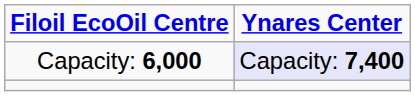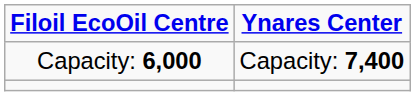 <table class="wikitable" style="text-align:center">
 <tr>
 <td><strong><a href='#'>Filoil EcoOil Centre</a></strong></td>
 <td><strong><a href='#'>Ynares Center</a></strong></td>
 </tr>
 <tr>
 <td>Capacity: <strong>6,000</strong></td>
-<td style="background: lavender;">Capacity: <strong>7,400</strong></td>
+<td>Capacity: <strong>7,400</strong></td>
 </tr>
 <tr>
 <td></td>
 <td></td>
 </tr>
 </table>
